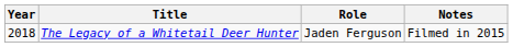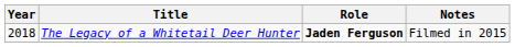 <table class="wikitable sortable">
 <tr>
 <th>Year</th>
 <th>Title</th>
 <th>Role</th>
 <th class="unsortable">Notes</th>
 </tr>
 <tr>
 <td rowspan="2">2018</td>
 <td><em><a href='#'>The Legacy of a Whitetail Deer Hunter</a></em></td>
-<td>Jaden Ferguson</td>
+<td><strong>Jaden Ferguson</strong></td>
 <td>Filmed in 2015</td>
 </tr>
 </table>
